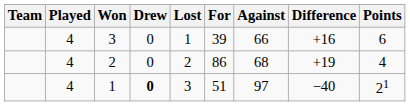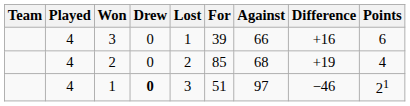 <table class="wikitable" style="text-align:center">
 <tr>
 <th>Team</th>
 <th>Played</th>
 <th>Won</th>
 <th>Drew</th>
 <th>Lost</th>
 <th>For</th>
 <th>Against</th>
 <th>Difference</th>
 <th>Points</th>
 </tr>
 <tr>
 <td align=left></td>
 <td>4</td>
 <td>3</td>
 <td>0</td>
 <td>1</td>
 <td>39</td>
 <td>66</td>
 <td>+16</td>
 <td>6</td>
 </tr>
 <tr>
 <td align=left></td>
 <td>4</td>
 <td>2</td>
 <td>0</td>
 <td>2</td>
-<td>86</td>
+<td>85</td>
 <td>68</td>
 <td>+19</td>
 <td>4</td>
 </tr>
 <tr>
 <td align=left></td>
 <td>4</td>
 <td>1</td>
 <td><strong>0</strong></td>
 <td>3</td>
 <td>51</td>
 <td>97</td>
-<td>−40</td>
+<td>−46</td>
 <td>2<sup>1</sup></td>
 </tr>
 </table>
